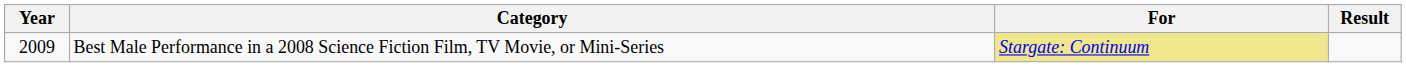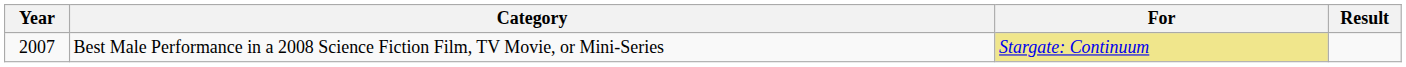 <table class="wikitable">
 <tr>
 <th width="3.5%">Year</th>
 <th width="50%">Category</th>
 <th width="18%">For</th>
 <th width="3.5%">Result</th>
 </tr>
 <tr valign="top">
-<td align="center">2009</td>
+<td align="center">2007</td>
 <td>Best Male Performance in a 2008 Science Fiction Film, TV Movie, or Mini-Series</td>
 <td style="background: khaki;"><em><a href='#'>Stargate: Continuum</a></em></td>
 <td></td>
 </tr>
 </table>
